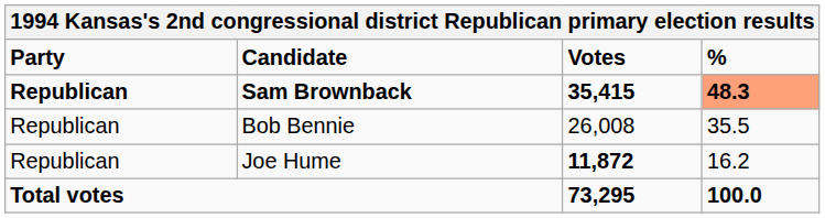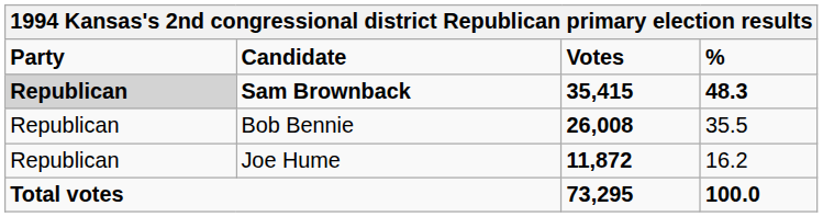 <table class="wikitable">
 <tr>
 <th colspan="4">1994 Kansas's 2nd congressional district Republican primary election results</th>
 </tr>
 <tr>
 <td><strong>Party</strong></td>
 <td><strong>Candidate</strong></td>
 <td><strong>Votes</strong></td>
 <td><strong>%</strong></td>
 </tr>
 <tr>
-<td><strong>Republican</strong></td>
+<td style="background: lightgrey;"><strong>Republican</strong></td>
 <td><strong>Sam Brownback</strong></td>
 <td><strong>35,415</strong></td>
-<td style="background: lightsalmon;"><strong>48.3</strong></td>
+<td><strong>48.3</strong></td>
 </tr>
 <tr>
 <td>Republican</td>
 <td>Bob Bennie</td>
-<td>26,008</td>
+<td><strong>26,008</strong></td>
 <td>35.5</td>
 </tr>
 <tr>
 <td>Republican</td>
 <td>Joe Hume</td>
 <td><strong>11,872</strong></td>
 <td>16.2</td>
 </tr>
 <tr>
 <td colspan="2"><strong>Total votes</strong></td>
 <td><strong>73,295</strong></td>
 <td><strong>100.0</strong></td>
 </tr>
 </table>
